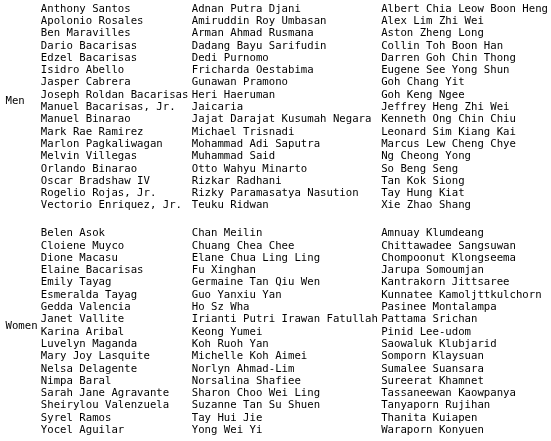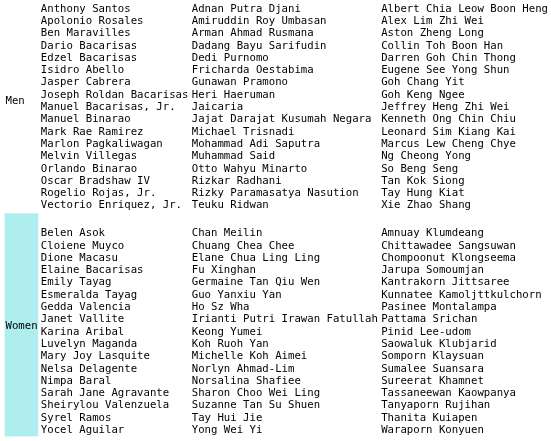 <table>
 <tr>
 <td>Men</td>
 <td nowrap=true><br>Anthony Santos<br>Apolonio Rosales<br>Ben Maravilles<br>Dario Bacarisas<br>Edzel Bacarisas<br>Isidro Abello<br>Jasper Cabrera<br>Joseph Roldan Bacarisas<br>Manuel Bacarisas, Jr.<br>Manuel Binarao<br>Mark Rae Ramirez<br>Marlon Pagkaliwagan<br>Melvin Villegas<br>Orlando Binarao<br>Oscar Bradshaw IV<br>Rogelio Rojas, Jr.<br>Vectorio Enriquez, Jr.</td>
 <td nowrap=true><br>Adnan Putra Djani<br>Amiruddin Roy Umbasan<br>Arman Ahmad Rusmana<br>Dadang Bayu Sarifudin<br>Dedi Purnomo<br>Fricharda Oestabima<br>Gunawan Pramono<br>Heri Haeruman<br>Jaicaria<br>Jajat Darajat Kusumah Negara<br>Michael Trisnadi<br>Mohammad Adi Saputra<br>Muhammad Said<br>Otto Wahyu Minarto<br>Rizkar Radhani<br>Rizky Paramasatya Nasution<br>Teuku Ridwan</td>
 <td nowrap=true><br>Albert Chia Leow Boon Heng<br>Alex Lim Zhi Wei<br>Aston Zheng Long<br>Collin Toh Boon Han<br>Darren Goh Chin Thong<br>Eugene See Yong Shun<br>Goh Chang Yit<br>Goh Keng Ngee<br>Jeffrey Heng Zhi Wei<br>Kenneth Ong Chin Chiu<br>Leonard Sim Kiang Kai<br>Marcus Lew Cheng Chye<br>Ng Cheong Yong<br>So Beng Seng<br>Tan Kok Siong<br>Tay Hung Kiat<br>Xie Zhao Shang</td>
 </tr>
 <tr>
-<td>Women</td>
+<td style="background: paleturquoise;">Women</td>
 <td><br>Belen Asok<br>Cloiene Muyco<br>Dione Macasu<br>Elaine Bacarisas<br>Emily Tayag<br>Esmeralda Tayag<br>Gedda Valencia<br>Janet Vallite<br>Karina Aribal<br>Luvelyn Maganda<br>Mary Joy Lasquite<br>Nelsa Delagente<br>Nimpa Baral<br>Sarah Jane Agravante<br>Sheirylou Valenzuela<br>Syrel Ramos<br>Yocel Aguilar</td>
 <td><br>Chan Meilin<br>Chuang Chea Chee<br>Elane Chua Ling Ling<br>Fu Xinghan<br>Germaine Tan Qiu Wen<br>Guo Yanxiu Yan<br>Ho Sz Wha<br>Irianti Putri Irawan Fatullah<br>Keong Yumei<br>Koh Ruoh Yan<br>Michelle Koh Aimei<br>Norlyn Ahmad-Lim<br>Norsalina Shafiee<br>Sharon Choo Wei Ling<br>Suzanne Tan Su Shuen<br>Tay Hui Jie<br>Yong Wei Yi</td>
 <td><br>Amnuay Klumdeang<br>Chittawadee Sangsuwan<br>Chompoonut Klongseema<br>Jarupa Somoumjan<br>Kantrakorn Jittsaree<br>Kunnatee Kamoljttkulchorn<br>Pasinee Montalampa<br>Pattama Srichan<br>Pinid Lee-udom<br>Saowaluk Klubjarid<br>Somporn Klaysuan<br>Sumalee Suansara<br>Sureerat Khamnet<br>Tassaneewan Kaowpanya<br>Tanyaporn Rujihan<br>Thanita Kuiapen<br>Waraporn Konyuen</td>
 </tr>
 </table>
